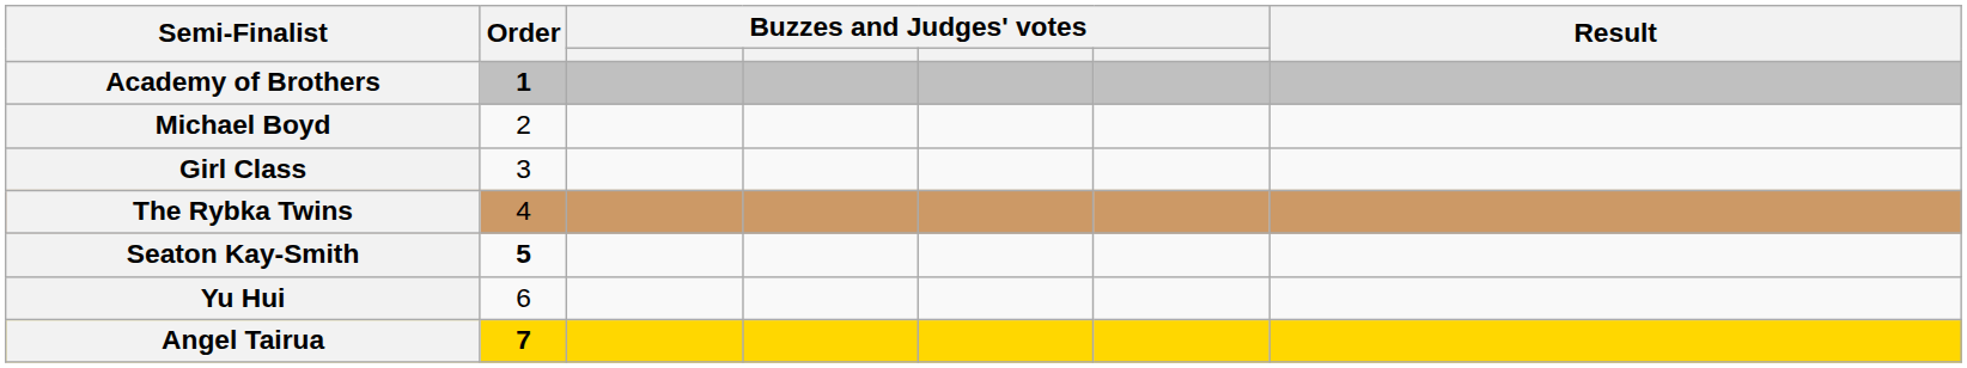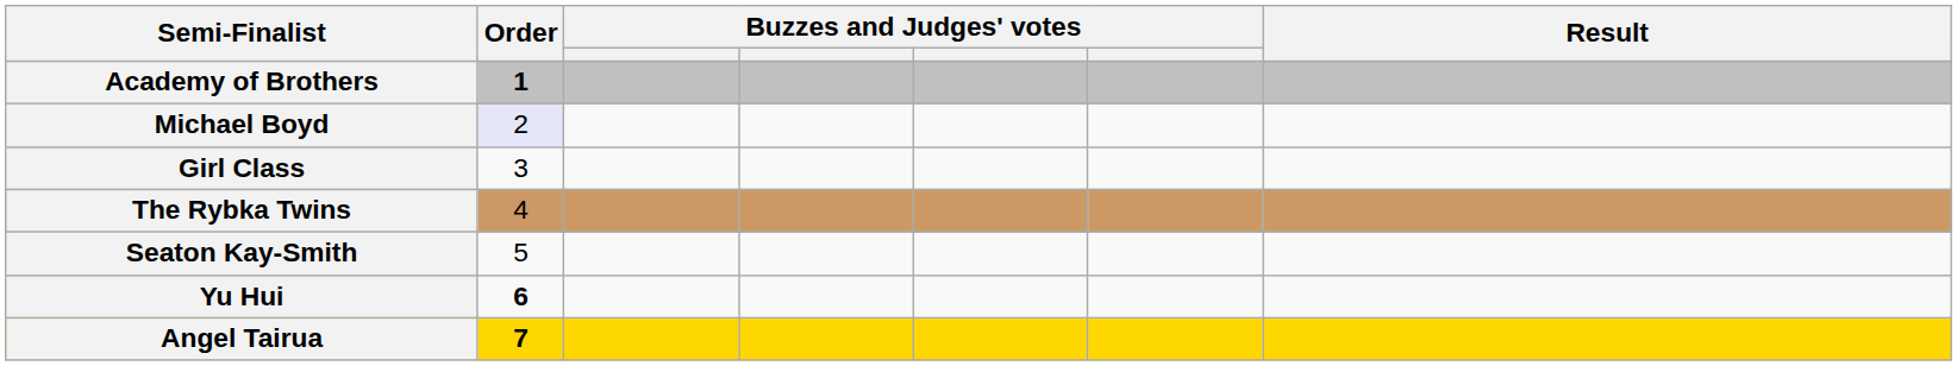 <table class="wikitable plainrowheaders sortable" style="text-align:center;">
 <tr>
 <th scope="col" rowspan="2" class="unsortable" style="width:17em;">Semi-Finalist</th>
 <th scope="col" rowspan="2" style="width:1em;">Order</th>
 <th scope="col" colspan="4" class="unsortable" style="width:24em;">Buzzes and Judges' votes</th>
 <th scope="col" rowspan="2" style="width:25em;">Result</th>
 </tr>
 <tr>
 <th scope="col" class="unsortable" style="width:6em;"></th>
 <th scope="col" class="unsortable" style="width:6em;"></th>
 <th scope="col" class="unsortable" style="width:6em;"></th>
 <th scope="col" class="unsortable" style="width:6em;"></th>
 </tr>
 <tr style="background:silver;">
 <th scope="row"><strong>Academy of Brothers</strong></th>
 <td><strong>1</strong></td>
 <td style="text-align:center;"></td>
 <td style="text-align:center;"></td>
 <td style="text-align:center;"></td>
 <td style="text-align:center;"></td>
 <td><strong></strong></td>
 </tr>
 <tr>
 <th scope="row">Michael Boyd</th>
-<td>2</td>
+<td style="background: lavender;">2</td>
 <td style="text-align:center;"></td>
 <td style="text-align:center;"></td>
 <td style="text-align:center;"></td>
 <td style="text-align:center;"></td>
 <td></td>
 </tr>
 <tr>
 <th scope="row">Girl Class</th>
 <td>3</td>
 <td style="text-align:center;"></td>
 <td style="text-align:center;"></td>
 <td style="text-align:center;"></td>
 <td style="text-align:center;"></td>
 <td></td>
 </tr>
 <tr style="background:#c96;">
 <th scope="row">The Rybka Twins</th>
 <td>4</td>
 <td style="text-align:center;"></td>
 <td style="text-align:center;"></td>
 <td style="text-align:center;"></td>
 <td style="text-align:center;"></td>
 <td></td>
 </tr>
 <tr>
 <th scope="row">Seaton Kay-Smith</th>
-<td><strong>5</strong></td>
+<td>5</td>
 <td style="text-align:center;"></td>
 <td style="text-align:center;"></td>
 <td style="text-align:center;"></td>
 <td style="text-align:center;"></td>
 <td></td>
 </tr>
 <tr>
 <th scope="row">Yu Hui</th>
-<td>6</td>
+<td><strong>6</strong></td>
 <td style="text-align:center;"></td>
 <td style="text-align:center;"></td>
 <td style="text-align:center;"></td>
 <td style="text-align:center;"></td>
 <td></td>
 </tr>
 <tr style="background:gold;">
 <th scope="row"><strong>Angel Tairua</strong></th>
 <td><strong>7</strong></td>
 <td style="text-align:center;"></td>
 <td style="text-align:center;"></td>
 <td style="text-align:center;"></td>
 <td style="text-align:center;"></td>
 <td><strong></strong></td>
 </tr>
 </table>
